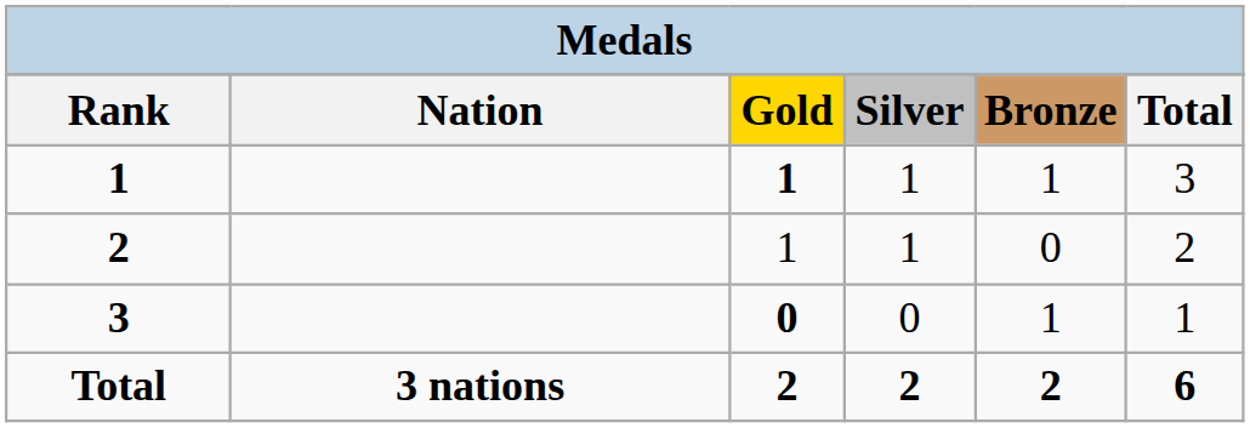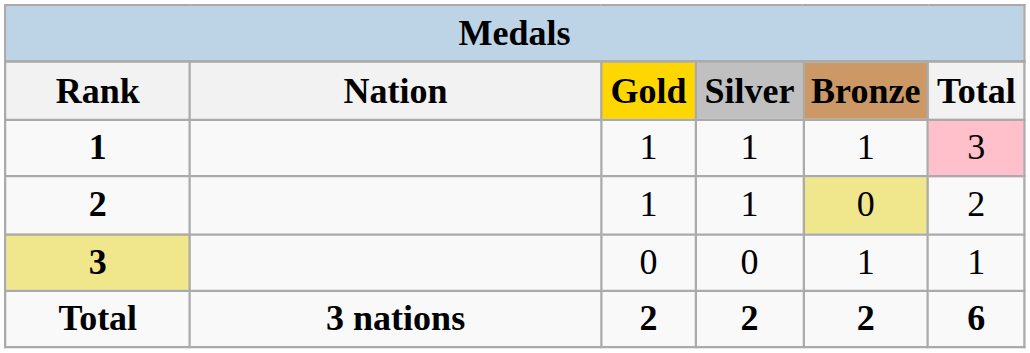 <table class="wikitable" style="text-align:center">
 <tr>
 <td colspan="6" style="background:#BCD4E6"><strong>Medals</strong></td>
 </tr>
 <tr>
 </tr>
 <tr style="background-color:#EDEDED;">
 <th width="75px" class="hintergrundfarbe5">Rank</th>
 <th width="175px" class="hintergrundfarbe6">Nation</th>
 <th style="background:    gold; width:35px ">Gold</th>
 <th style="background:  silver; width:35px ">Silver</th>
 <th style="background: #CC9966; width:35px ">Bronze</th>
 <th width="35px">Total</th>
 </tr>
 <tr>
 <td><strong>1</strong></td>
 <td align=left></td>
-<td><strong>1</strong></td>
 <td>1</td>
 <td>1</td>
-<td>3</td>
+<td>1</td>
+<td style="background: pink;">3</td>
 </tr>
 <tr>
 <td><strong>2</strong></td>
 <td align=left></td>
 <td>1</td>
 <td>1</td>
-<td>0</td>
+<td style="background: khaki;">0</td>
 <td>2</td>
 </tr>
 <tr>
-<td><strong>3</strong></td>
+<td style="background: khaki;"><strong>3</strong></td>
 <td align=left></td>
-<td><strong>0</strong></td>
+<td>0</td>
 <td>0</td>
 <td>1</td>
 <td>1</td>
 </tr>
 <tr>
 <td><strong>Total</strong></td>
 <td><strong>3 nations</strong></td>
 <td><strong>2</strong></td>
 <td><strong>2</strong></td>
 <td><strong>2</strong></td>
 <td><strong>6</strong></td>
 </tr>
 </table>
